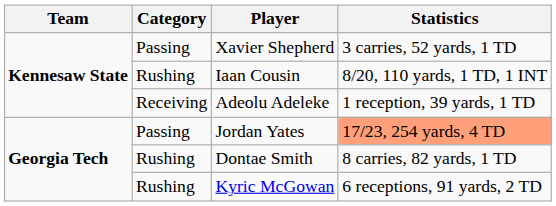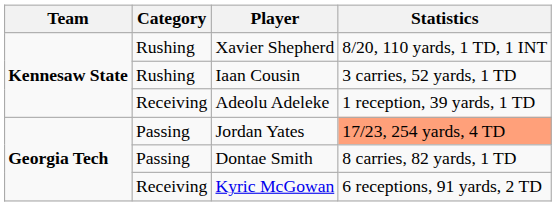 <table class="wikitable" style="float: right;">
 <tr>
 <th>Team</th>
 <th>Category</th>
 <th>Player</th>
 <th>Statistics</th>
 </tr>
 <tr>
 <td rowspan=3><strong>Kennesaw State</strong></td>
-<td>Passing</td>
+<td>Rushing</td>
 <td>Xavier Shepherd</td>
-<td>3 carries, 52 yards, 1 TD</td>
+<td>8/20, 110 yards, 1 TD, 1 INT</td>
 </tr>
 <tr>
 <td>Rushing</td>
 <td>Iaan Cousin</td>
-<td>8/20, 110 yards, 1 TD, 1 INT</td>
+<td>3 carries, 52 yards, 1 TD</td>
 </tr>
 <tr>
 <td>Receiving</td>
 <td>Adeolu Adeleke</td>
 <td>1 reception, 39 yards, 1 TD</td>
 </tr>
 <tr>
 <td rowspan=3><strong>Georgia Tech</strong></td>
 <td>Passing</td>
 <td>Jordan Yates</td>
 <td style="background: lightsalmon;">17/23, 254 yards, 4 TD</td>
 </tr>
 <tr>
-<td>Rushing</td>
+<td>Passing</td>
 <td>Dontae Smith</td>
 <td>8 carries, 82 yards, 1 TD</td>
 </tr>
 <tr>
-<td>Rushing</td>
+<td>Receiving</td>
 <td><a href='#'>Kyric McGowan</a></td>
 <td>6 receptions, 91 yards, 2 TD</td>
 </tr>
 </table>
